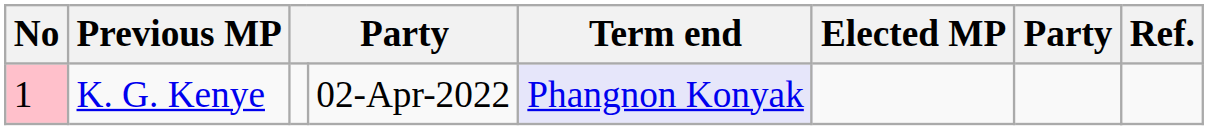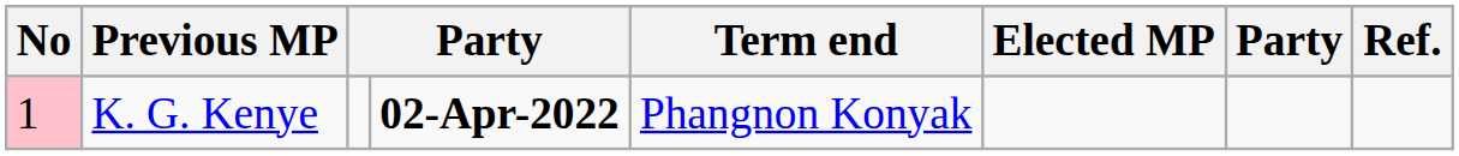 <table class="wikitable">
 <tr>
 <th scope="col">No</th>
 <th scope="col">Previous MP</th>
 <th scope="col" colspan="2">Party</th>
 <th scope="col">Term end</th>
 <th scope="col">Elected MP</th>
 <th scope="col" colspan="2">Party</th>
 <th>Ref.</th>
 </tr>
 <tr>
 <td style="background: pink;">1</td>
 <td><a href='#'>K. G. Kenye</a></td>
 <td></td>
-<td>02-Apr-2022</td>
-<td style="background: lavender;"><a href='#'>Phangnon Konyak</a></td>
+<td><strong>02-Apr-2022</strong></td>
+<td><a href='#'>Phangnon Konyak</a></td>
 <td></td>
 <td></td>
 </tr>
 </table>
